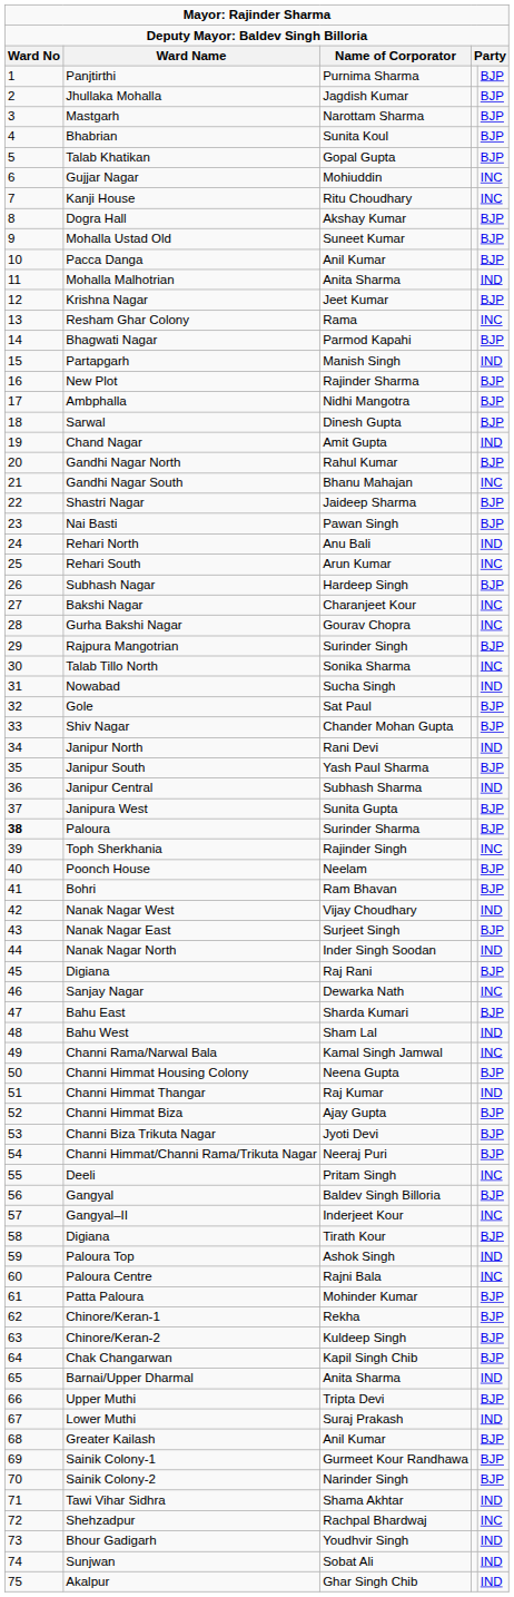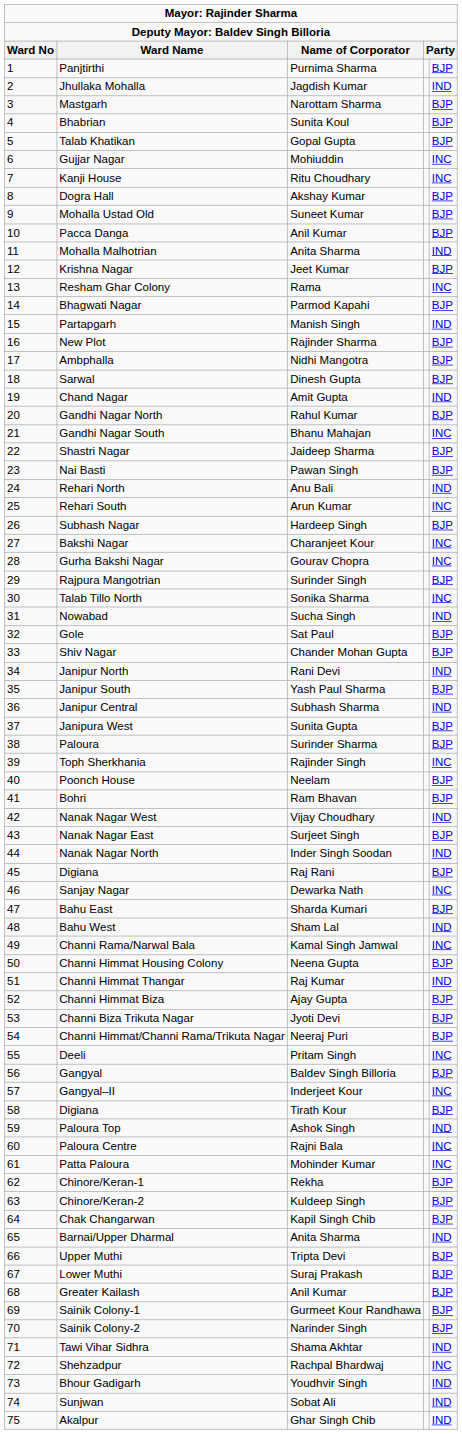 <table class="wikitable">
 <tr>
 <td colspan=5 align=center><span><strong>Mayor: Rajinder Sharma</strong></span></td>
 </tr>
 <tr>
 <td colspan=5 align=center><span><strong>Deputy Mayor: Baldev Singh Billoria</strong></span></td>
 </tr>
 <tr>
 <th>Ward No</th>
 <th>Ward Name</th>
 <th>Name of Corporator</th>
 <th colspan="2">Party</th>
 </tr>
 <tr>
 <td>1</td>
 <td>Panjtirthi</td>
 <td>Purnima Sharma</td>
 <td style="background-color: "></td>
 <td><a href='#'>BJP</a></td>
 </tr>
 <tr>
 <td>2</td>
 <td>Jhullaka Mohalla</td>
 <td>Jagdish Kumar</td>
 <td style="background-color: "></td>
-<td><a href='#'>BJP</a></td>
+<td><a href='#'>IND</a></td>
 </tr>
 <tr>
 <td>3</td>
 <td>Mastgarh</td>
 <td>Narottam Sharma</td>
 <td style="background-color: "></td>
 <td><a href='#'>BJP</a></td>
 </tr>
 <tr>
 <td>4</td>
 <td>Bhabrian</td>
 <td>Sunita Koul</td>
 <td style="background-color: "></td>
 <td><a href='#'>BJP</a></td>
 </tr>
 <tr>
 <td>5</td>
 <td>Talab Khatikan</td>
 <td>Gopal Gupta</td>
 <td style="background-color: "></td>
 <td><a href='#'>BJP</a></td>
 </tr>
 <tr>
 <td>6</td>
 <td>Gujjar Nagar</td>
 <td>Mohiuddin</td>
 <td style="background-color: "></td>
 <td><a href='#'>INC</a></td>
 </tr>
 <tr>
 <td>7</td>
 <td>Kanji House</td>
 <td>Ritu Choudhary</td>
 <td style="background-color: "></td>
 <td><a href='#'>INC</a></td>
 </tr>
 <tr>
 <td>8</td>
 <td>Dogra Hall</td>
 <td>Akshay Kumar</td>
 <td style="background-color: "></td>
 <td><a href='#'>BJP</a></td>
 </tr>
 <tr>
 <td>9</td>
 <td>Mohalla Ustad Old</td>
 <td>Suneet Kumar</td>
 <td style="background-color: "></td>
 <td><a href='#'>BJP</a></td>
 </tr>
 <tr>
 <td>10</td>
 <td>Pacca Danga</td>
 <td>Anil Kumar</td>
 <td style="background-color: "></td>
 <td><a href='#'>BJP</a></td>
 </tr>
 <tr>
 <td>11</td>
 <td>Mohalla Malhotrian</td>
 <td>Anita Sharma</td>
 <td style="background-color: "></td>
 <td><a href='#'>IND</a></td>
 </tr>
 <tr>
 <td>12</td>
 <td>Krishna Nagar</td>
 <td>Jeet Kumar</td>
 <td style="background-color: "></td>
 <td><a href='#'>BJP</a></td>
 </tr>
 <tr>
 <td>13</td>
 <td>Resham Ghar Colony</td>
 <td>Rama</td>
 <td style="background-color: "></td>
 <td><a href='#'>INC</a></td>
 </tr>
 <tr>
 <td>14</td>
 <td>Bhagwati Nagar</td>
 <td>Parmod Kapahi</td>
 <td style="background-color: "></td>
 <td><a href='#'>BJP</a></td>
 </tr>
 <tr>
 <td>15</td>
 <td>Partapgarh</td>
 <td>Manish Singh</td>
 <td style="background-color: "></td>
 <td><a href='#'>IND</a></td>
 </tr>
 <tr>
 <td>16</td>
 <td>New Plot</td>
 <td>Rajinder Sharma</td>
 <td style="background-color: "></td>
 <td><a href='#'>BJP</a></td>
 </tr>
 <tr>
 <td>17</td>
 <td>Ambphalla</td>
 <td>Nidhi Mangotra</td>
 <td style="background-color: "></td>
 <td><a href='#'>BJP</a></td>
 </tr>
 <tr>
 <td>18</td>
 <td>Sarwal</td>
 <td>Dinesh Gupta</td>
 <td style="background-color: "></td>
 <td><a href='#'>BJP</a></td>
 </tr>
 <tr>
 <td>19</td>
 <td>Chand Nagar</td>
 <td>Amit Gupta</td>
 <td style="background-color: "></td>
 <td><a href='#'>IND</a></td>
 </tr>
 <tr>
 <td>20</td>
 <td>Gandhi Nagar North</td>
 <td>Rahul Kumar</td>
 <td style="background-color: "></td>
 <td><a href='#'>BJP</a></td>
 </tr>
 <tr>
 <td>21</td>
 <td>Gandhi Nagar South</td>
 <td>Bhanu Mahajan</td>
 <td style="background-color: "></td>
 <td><a href='#'>INC</a></td>
 </tr>
 <tr>
 <td>22</td>
 <td>Shastri Nagar</td>
 <td>Jaideep Sharma</td>
 <td style="background-color: "></td>
 <td><a href='#'>BJP</a></td>
 </tr>
 <tr>
 <td>23</td>
 <td>Nai Basti</td>
 <td>Pawan Singh</td>
 <td style="background-color: "></td>
 <td><a href='#'>BJP</a></td>
 </tr>
 <tr>
 <td>24</td>
 <td>Rehari North</td>
 <td>Anu Bali</td>
 <td style="background-color: "></td>
 <td><a href='#'>IND</a></td>
 </tr>
 <tr>
 <td>25</td>
 <td>Rehari South</td>
 <td>Arun Kumar</td>
 <td style="background-color: "></td>
 <td><a href='#'>INC</a></td>
 </tr>
 <tr>
 <td>26</td>
 <td>Subhash Nagar</td>
 <td>Hardeep Singh</td>
 <td style="background-color: "></td>
 <td><a href='#'>BJP</a></td>
 </tr>
 <tr>
 <td>27</td>
 <td>Bakshi Nagar</td>
 <td>Charanjeet Kour</td>
 <td style="background-color: "></td>
 <td><a href='#'>INC</a></td>
 </tr>
 <tr>
 <td>28</td>
 <td>Gurha Bakshi Nagar</td>
 <td>Gourav Chopra</td>
 <td style="background-color: "></td>
 <td><a href='#'>INC</a></td>
 </tr>
 <tr>
 <td>29</td>
 <td>Rajpura Mangotrian</td>
 <td>Surinder Singh</td>
 <td style="background-color: "></td>
 <td><a href='#'>BJP</a></td>
 </tr>
 <tr>
 <td>30</td>
 <td>Talab Tillo North</td>
 <td>Sonika Sharma</td>
 <td style="background-color: "></td>
 <td><a href='#'>INC</a></td>
 </tr>
 <tr>
 <td>31</td>
 <td>Nowabad</td>
 <td>Sucha Singh</td>
 <td style="background-color: "></td>
 <td><a href='#'>IND</a></td>
 </tr>
 <tr>
 <td>32</td>
 <td>Gole</td>
 <td>Sat Paul</td>
 <td style="background-color: "></td>
 <td><a href='#'>BJP</a></td>
 </tr>
 <tr>
 <td>33</td>
 <td>Shiv Nagar</td>
 <td>Chander Mohan Gupta</td>
 <td style="background-color: "></td>
 <td><a href='#'>BJP</a></td>
 </tr>
 <tr>
 <td>34</td>
 <td>Janipur North</td>
 <td>Rani Devi</td>
 <td style="background-color: "></td>
 <td><a href='#'>IND</a></td>
 </tr>
 <tr>
 <td>35</td>
 <td>Janipur South</td>
 <td>Yash Paul Sharma</td>
 <td style="background-color: "></td>
 <td><a href='#'>BJP</a></td>
 </tr>
 <tr>
 <td>36</td>
 <td>Janipur Central</td>
 <td>Subhash Sharma</td>
 <td style="background-color: "></td>
 <td><a href='#'>IND</a></td>
 </tr>
 <tr>
 <td>37</td>
 <td>Janipura West</td>
 <td>Sunita Gupta</td>
 <td style="background-color: "></td>
 <td><a href='#'>BJP</a></td>
 </tr>
 <tr>
-<td><strong>38</strong></td>
+<td>38</td>
 <td>Paloura</td>
 <td>Surinder Sharma</td>
 <td style="background-color: "></td>
 <td><a href='#'>BJP</a></td>
 </tr>
 <tr>
 <td>39</td>
 <td>Toph Sherkhania</td>
 <td>Rajinder Singh</td>
 <td style="background-color: "></td>
 <td><a href='#'>INC</a></td>
 </tr>
 <tr>
 <td>40</td>
 <td>Poonch House</td>
 <td>Neelam</td>
 <td style="background-color: "></td>
 <td><a href='#'>BJP</a></td>
 </tr>
 <tr>
 <td>41</td>
 <td>Bohri</td>
 <td>Ram Bhavan</td>
 <td style="background-color: "></td>
 <td><a href='#'>BJP</a></td>
 </tr>
 <tr>
 <td>42</td>
 <td>Nanak Nagar West</td>
 <td>Vijay Choudhary</td>
 <td style="background-color: "></td>
 <td><a href='#'>IND</a></td>
 </tr>
 <tr>
 <td>43</td>
 <td>Nanak Nagar East</td>
 <td>Surjeet Singh</td>
 <td style="background-color: "></td>
 <td><a href='#'>BJP</a></td>
 </tr>
 <tr>
 <td>44</td>
 <td>Nanak Nagar North</td>
 <td>Inder Singh Soodan</td>
 <td style="background-color: "></td>
 <td><a href='#'>IND</a></td>
 </tr>
 <tr>
 <td>45</td>
 <td>Digiana</td>
 <td>Raj Rani</td>
 <td style="background-color: "></td>
 <td><a href='#'>BJP</a></td>
 </tr>
 <tr>
 <td>46</td>
 <td>Sanjay Nagar</td>
 <td>Dewarka Nath</td>
 <td style="background-color: "></td>
 <td><a href='#'>INC</a></td>
 </tr>
 <tr>
 <td>47</td>
 <td>Bahu East</td>
 <td>Sharda Kumari</td>
 <td style="background-color: "></td>
 <td><a href='#'>BJP</a></td>
 </tr>
 <tr>
 <td>48</td>
 <td>Bahu West</td>
 <td>Sham Lal</td>
 <td style="background-color: "></td>
 <td><a href='#'>IND</a></td>
 </tr>
 <tr>
 <td>49</td>
 <td>Channi Rama/Narwal Bala</td>
 <td>Kamal Singh Jamwal</td>
 <td style="background-color: "></td>
 <td><a href='#'>INC</a></td>
 </tr>
 <tr>
 <td>50</td>
 <td>Channi Himmat Housing Colony</td>
 <td>Neena Gupta</td>
 <td style="background-color: "></td>
 <td><a href='#'>BJP</a></td>
 </tr>
 <tr>
 <td>51</td>
 <td>Channi Himmat Thangar</td>
 <td>Raj Kumar</td>
 <td style="background-color: "></td>
 <td><a href='#'>IND</a></td>
 </tr>
 <tr>
 <td>52</td>
 <td>Channi Himmat Biza</td>
 <td>Ajay Gupta</td>
 <td style="background-color: "></td>
 <td><a href='#'>BJP</a></td>
 </tr>
 <tr>
 <td>53</td>
 <td>Channi Biza Trikuta Nagar</td>
 <td>Jyoti Devi</td>
 <td style="background-color: "></td>
 <td><a href='#'>BJP</a></td>
 </tr>
 <tr>
 <td>54</td>
 <td>Channi Himmat/Channi Rama/Trikuta Nagar</td>
 <td>Neeraj Puri</td>
 <td style="background-color: "></td>
 <td><a href='#'>BJP</a></td>
 </tr>
 <tr>
 <td>55</td>
 <td>Deeli</td>
 <td>Pritam Singh</td>
 <td style="background-color: "></td>
 <td><a href='#'>INC</a></td>
 </tr>
 <tr>
 <td>56</td>
 <td>Gangyal</td>
 <td>Baldev Singh Billoria</td>
 <td style="background-color: "></td>
 <td><a href='#'>BJP</a></td>
 </tr>
 <tr>
 <td>57</td>
 <td>Gangyal–II</td>
 <td>Inderjeet Kour</td>
 <td style="background-color: "></td>
 <td><a href='#'>INC</a></td>
 </tr>
 <tr>
 <td>58</td>
 <td>Digiana</td>
 <td>Tirath Kour</td>
 <td style="background-color: "></td>
 <td><a href='#'>BJP</a></td>
 </tr>
 <tr>
 <td>59</td>
 <td>Paloura Top</td>
 <td>Ashok Singh</td>
 <td style="background-color: "></td>
 <td><a href='#'>IND</a></td>
 </tr>
 <tr>
 <td>60</td>
 <td>Paloura Centre</td>
 <td>Rajni Bala</td>
 <td style="background-color: "></td>
 <td><a href='#'>INC</a></td>
 </tr>
 <tr>
 <td>61</td>
 <td>Patta Paloura</td>
 <td>Mohinder Kumar</td>
 <td style="background-color: "></td>
-<td><a href='#'>BJP</a></td>
+<td><a href='#'>INC</a></td>
 </tr>
 <tr>
 <td>62</td>
 <td>Chinore/Keran-1</td>
 <td>Rekha</td>
 <td style="background-color: "></td>
 <td><a href='#'>BJP</a></td>
 </tr>
 <tr>
 <td>63</td>
 <td>Chinore/Keran-2</td>
 <td>Kuldeep Singh</td>
 <td style="background-color: "></td>
 <td><a href='#'>BJP</a></td>
 </tr>
 <tr>
 <td>64</td>
 <td>Chak Changarwan</td>
 <td>Kapil Singh Chib</td>
 <td style="background-color: "></td>
 <td><a href='#'>BJP</a></td>
 </tr>
 <tr>
 <td>65</td>
 <td>Barnai/Upper Dharmal</td>
 <td>Anita Sharma</td>
 <td style="background-color: "></td>
 <td><a href='#'>IND</a></td>
 </tr>
 <tr>
 <td>66</td>
 <td>Upper Muthi</td>
 <td>Tripta Devi</td>
 <td style="background-color: "></td>
 <td><a href='#'>BJP</a></td>
 </tr>
 <tr>
 <td>67</td>
 <td>Lower Muthi</td>
 <td>Suraj Prakash</td>
 <td style="background-color: "></td>
-<td><a href='#'>IND</a></td>
+<td><a href='#'>BJP</a></td>
 </tr>
 <tr>
 <td>68</td>
 <td>Greater Kailash</td>
 <td>Anil Kumar</td>
 <td style="background-color: "></td>
 <td><a href='#'>BJP</a></td>
 </tr>
 <tr>
 <td>69</td>
 <td>Sainik Colony-1</td>
 <td>Gurmeet Kour Randhawa</td>
 <td style="background-color: "></td>
 <td><a href='#'>BJP</a></td>
 </tr>
 <tr>
 <td>70</td>
 <td>Sainik Colony-2</td>
 <td>Narinder Singh</td>
 <td style="background-color: "></td>
 <td><a href='#'>BJP</a></td>
 </tr>
 <tr>
 <td>71</td>
 <td>Tawi Vihar Sidhra</td>
 <td>Shama Akhtar</td>
 <td style="background-color: "></td>
 <td><a href='#'>IND</a></td>
 </tr>
 <tr>
 <td>72</td>
 <td>Shehzadpur</td>
 <td>Rachpal Bhardwaj</td>
 <td style="background-color: "></td>
 <td><a href='#'>INC</a></td>
 </tr>
 <tr>
 <td>73</td>
 <td>Bhour Gadigarh</td>
 <td>Youdhvir Singh</td>
 <td style="background-color: "></td>
 <td><a href='#'>IND</a></td>
 </tr>
 <tr>
 <td>74</td>
 <td>Sunjwan</td>
 <td>Sobat Ali</td>
 <td style="background-color: "></td>
 <td><a href='#'>IND</a></td>
 </tr>
 <tr>
 <td>75</td>
 <td>Akalpur</td>
 <td>Ghar Singh Chib</td>
 <td style="background-color: "></td>
 <td><a href='#'>IND</a></td>
 </tr>
 </table>
